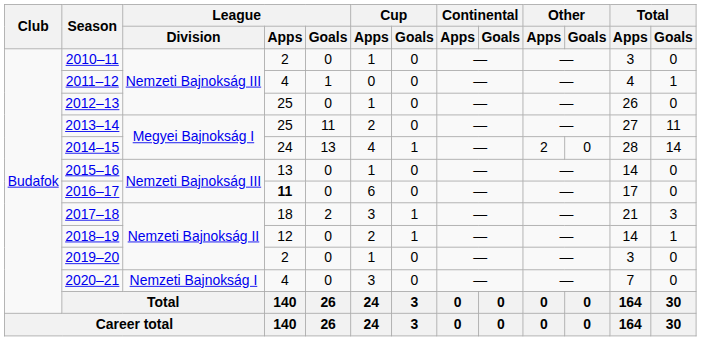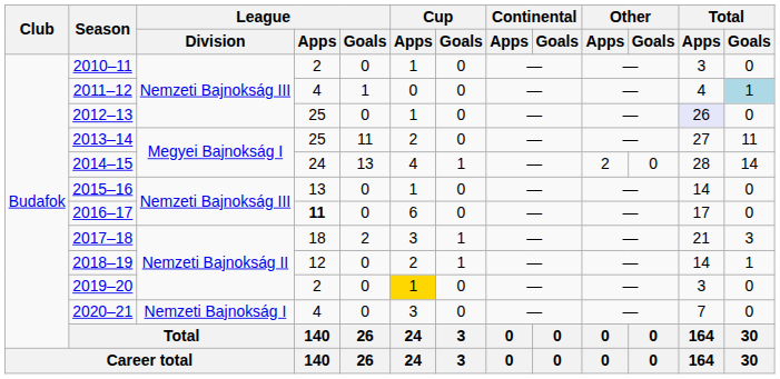 <table class="wikitable" style="text-align:center">
 <tr>
 <th rowspan="2">Club</th>
 <th rowspan="2">Season</th>
 <th colspan="3">League</th>
 <th colspan="2">Cup</th>
 <th colspan="2">Continental</th>
 <th colspan="2">Other</th>
 <th colspan="2">Total</th>
 </tr>
 <tr>
 <th>Division</th>
 <th>Apps</th>
 <th>Goals</th>
 <th>Apps</th>
 <th>Goals</th>
 <th>Apps</th>
 <th>Goals</th>
 <th>Apps</th>
 <th>Goals</th>
 <th>Apps</th>
 <th>Goals</th>
 </tr>
 <tr>
 <td rowspan="12"><a href='#'>Budafok</a></td>
 <td><a href='#'>2010–11</a></td>
 <td rowspan="3"><a href='#'>Nemzeti Bajnokság III</a></td>
 <td>2</td>
 <td>0</td>
 <td>1</td>
 <td>0</td>
 <td colspan="2">—</td>
 <td colspan="2">—</td>
 <td>3</td>
 <td>0</td>
 </tr>
 <tr>
 <td><a href='#'>2011–12</a></td>
 <td>4</td>
 <td>1</td>
 <td>0</td>
 <td>0</td>
 <td colspan="2">—</td>
 <td colspan="2">—</td>
 <td>4</td>
-<td>1</td>
+<td style="background: lightblue;">1</td>
 </tr>
 <tr>
 <td><a href='#'>2012–13</a></td>
 <td>25</td>
 <td>0</td>
 <td>1</td>
 <td>0</td>
 <td colspan="2">—</td>
 <td colspan="2">—</td>
-<td>26</td>
+<td style="background: lavender;">26</td>
 <td>0</td>
 </tr>
 <tr>
 <td><a href='#'>2013–14</a></td>
 <td rowspan="2"><a href='#'>Megyei Bajnokság I</a></td>
 <td>25</td>
 <td>11</td>
 <td>2</td>
 <td>0</td>
 <td colspan="2">—</td>
 <td colspan="2">—</td>
 <td>27</td>
 <td>11</td>
 </tr>
 <tr>
 <td><a href='#'>2014–15</a></td>
 <td>24</td>
 <td>13</td>
 <td>4</td>
 <td>1</td>
 <td colspan="2">—</td>
 <td>2</td>
 <td>0</td>
 <td>28</td>
 <td>14</td>
 </tr>
 <tr>
 <td><a href='#'>2015–16</a></td>
 <td rowspan="2"><a href='#'>Nemzeti Bajnokság III</a></td>
 <td>13</td>
 <td>0</td>
 <td>1</td>
 <td>0</td>
 <td colspan="2">—</td>
 <td colspan="2">—</td>
 <td>14</td>
 <td>0</td>
 </tr>
 <tr>
 <td><a href='#'>2016–17</a></td>
 <td><strong>11</strong></td>
 <td>0</td>
 <td>6</td>
 <td>0</td>
 <td colspan="2">—</td>
 <td colspan="2">—</td>
 <td>17</td>
 <td>0</td>
 </tr>
 <tr>
 <td><a href='#'>2017–18</a></td>
 <td rowspan="3"><a href='#'>Nemzeti Bajnokság II</a></td>
 <td>18</td>
 <td>2</td>
 <td>3</td>
 <td>1</td>
 <td colspan="2">—</td>
 <td colspan="2">—</td>
 <td>21</td>
 <td>3</td>
 </tr>
 <tr>
 <td><a href='#'>2018–19</a></td>
 <td>12</td>
 <td>0</td>
 <td>2</td>
 <td>1</td>
 <td colspan="2">—</td>
 <td colspan="2">—</td>
 <td>14</td>
 <td>1</td>
 </tr>
 <tr>
 <td><a href='#'>2019–20</a></td>
 <td>2</td>
 <td>0</td>
-<td>1</td>
+<td style="background: gold;">1</td>
 <td>0</td>
 <td colspan="2">—</td>
 <td colspan="2">—</td>
 <td>3</td>
 <td>0</td>
 </tr>
 <tr>
 <td><a href='#'>2020–21</a></td>
 <td><a href='#'>Nemzeti Bajnokság I</a></td>
 <td>4</td>
 <td>0</td>
 <td>3</td>
 <td>0</td>
 <td colspan="2">—</td>
 <td colspan="2">—</td>
 <td>7</td>
 <td>0</td>
 </tr>
 <tr>
 <th colspan="2">Total</th>
 <th>140</th>
 <th>26</th>
 <th>24</th>
 <th>3</th>
 <th>0</th>
 <th>0</th>
 <th>0</th>
 <th>0</th>
 <th>164</th>
 <th>30</th>
 </tr>
 <tr>
 <th colspan="3">Career total</th>
 <th>140</th>
 <th>26</th>
 <th>24</th>
 <th>3</th>
 <th>0</th>
 <th>0</th>
 <th>0</th>
 <th>0</th>
 <th>164</th>
 <th>30</th>
 </tr>
 </table>
